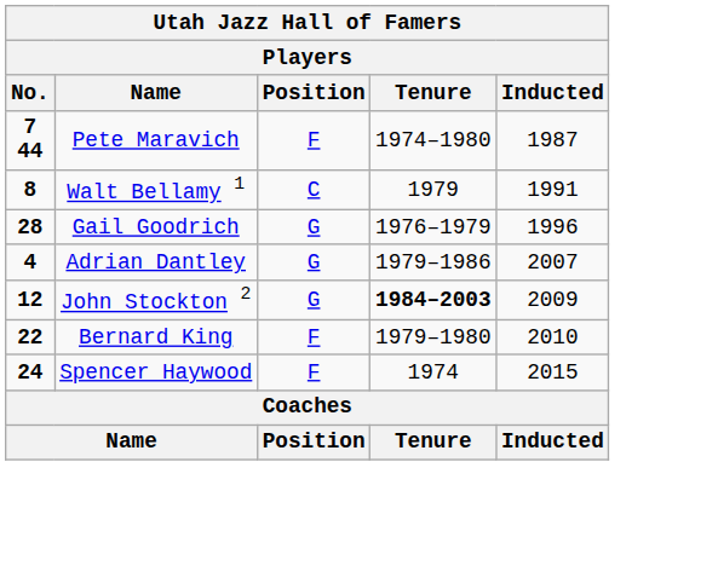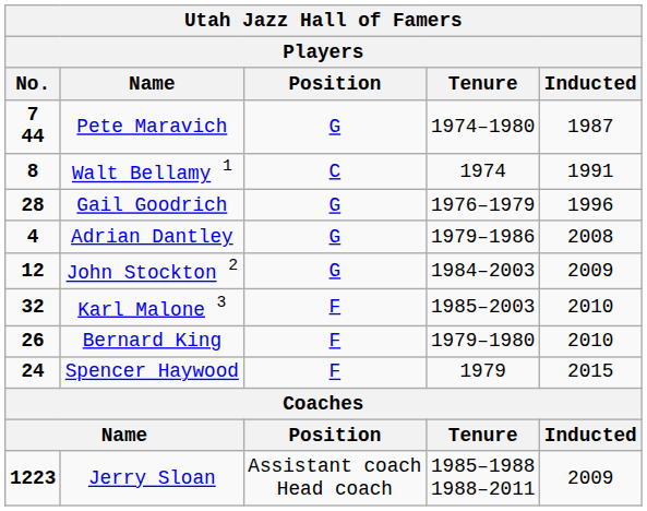 <table class="wikitable" style="text-align:center">
 <tr>
 <th colspan="5">Utah Jazz Hall of Famers</th>
 </tr>
 <tr>
 <th colspan="5" style="text-align:center; ">Players</th>
 </tr>
 <tr>
 <th>No.</th>
 <th>Name</th>
 <th>Position</th>
 <th>Tenure</th>
 <th>Inducted</th>
 </tr>
 <tr>
 <td><strong>7</strong><br><strong>44</strong></td>
 <td><a href='#'>Pete Maravich</a></td>
-<td><a href='#'>F</a></td>
+<td><a href='#'>G</a></td>
 <td>1974–1980</td>
 <td>1987</td>
 </tr>
 <tr>
 <td><strong>8</strong></td>
 <td><a href='#'>Walt Bellamy</a> <sup>1</sup></td>
 <td><a href='#'>C</a></td>
-<td>1979</td>
+<td>1974</td>
 <td>1991</td>
 </tr>
 <tr>
 <td><strong>28</strong></td>
 <td><a href='#'>Gail Goodrich</a></td>
 <td><a href='#'>G</a></td>
 <td>1976–1979</td>
 <td>1996</td>
 </tr>
 <tr>
 <td><strong>4</strong></td>
 <td><a href='#'>Adrian Dantley</a></td>
 <td><a href='#'>G</a></td>
 <td>1979–1986</td>
-<td>2007</td>
+<td>2008</td>
 </tr>
 <tr>
 <td><strong>12</strong></td>
 <td><a href='#'>John Stockton</a> <sup>2</sup></td>
 <td><a href='#'>G</a></td>
-<td><strong>1984–2003</strong></td>
+<td>1984–2003</td>
 <td>2009</td>
 </tr>
 <tr>
-<td><strong>22</strong></td>
+<td><strong>32</strong></td>
+<td><a href='#'>Karl Malone</a> <sup>3</sup></td>
+<td><a href='#'>F</a></td>
+<td>1985–2003</td>
+<td>2010</td>
+</tr>
+<tr>
+<td><strong>26</strong></td>
 <td><a href='#'>Bernard King</a></td>
 <td><a href='#'>F</a></td>
 <td>1979–1980</td>
 <td>2010</td>
 </tr>
 <tr>
 <td><strong>24</strong></td>
 <td><a href='#'>Spencer Haywood</a></td>
 <td><a href='#'>F</a></td>
-<td>1974</td>
+<td>1979</td>
 <td>2015</td>
 </tr>
 <tr>
 <th colspan="5" style="text-align:center; ">Coaches</th>
 </tr>
 <tr>
 <th colspan="2">Name</th>
 <th>Position</th>
 <th>Tenure</th>
 <th>Inducted</th>
 </tr>
+<tr>
+<td><strong>1223</strong></td>
+<td><a href='#'>Jerry Sloan</a></td>
+<td>Assistant coach<br>Head coach</td>
+<td>1985–1988<br>1988–2011</td>
+<td>2009</td>
+</tr>
 </table>
